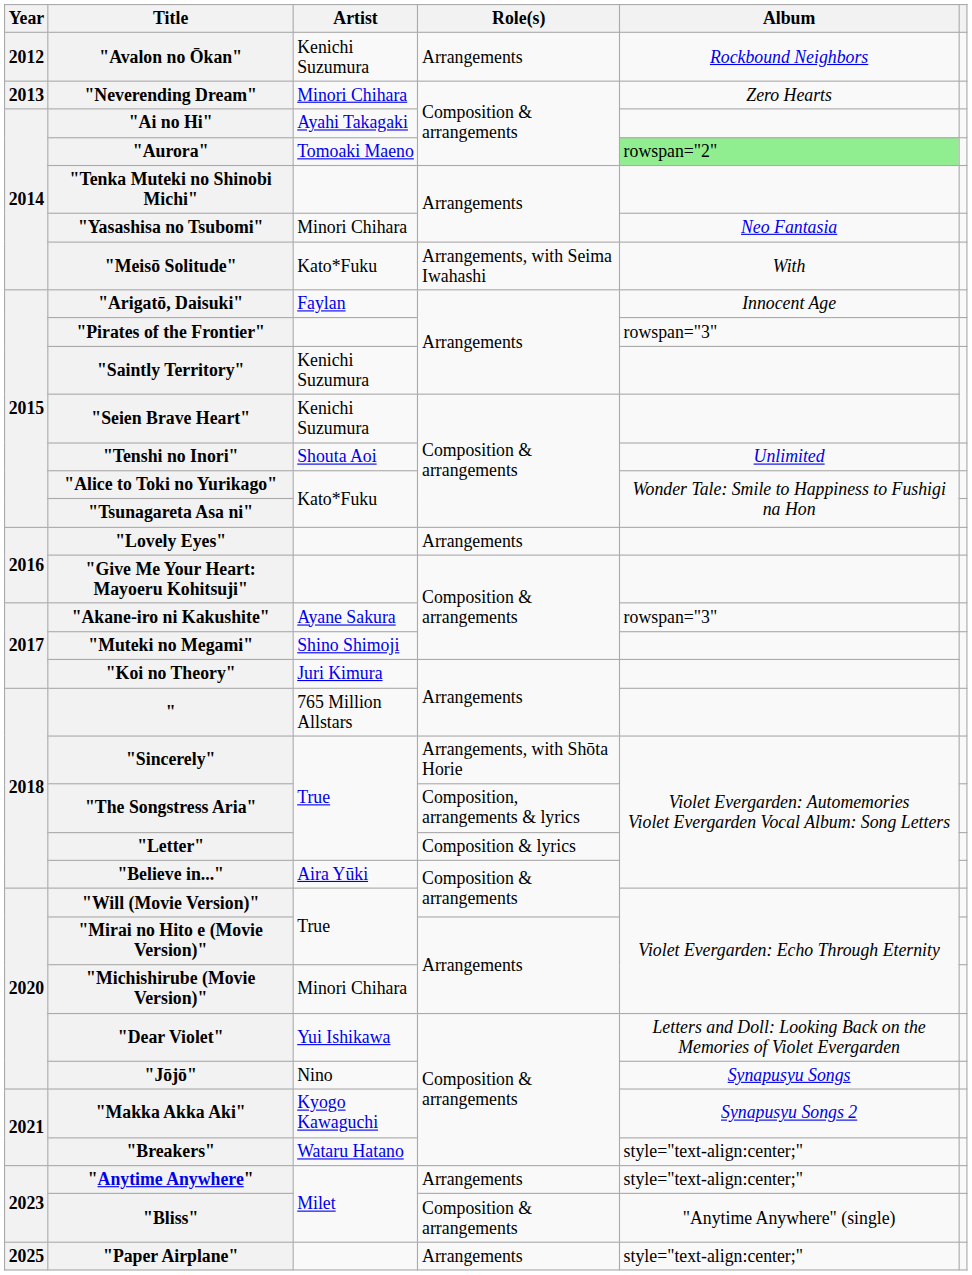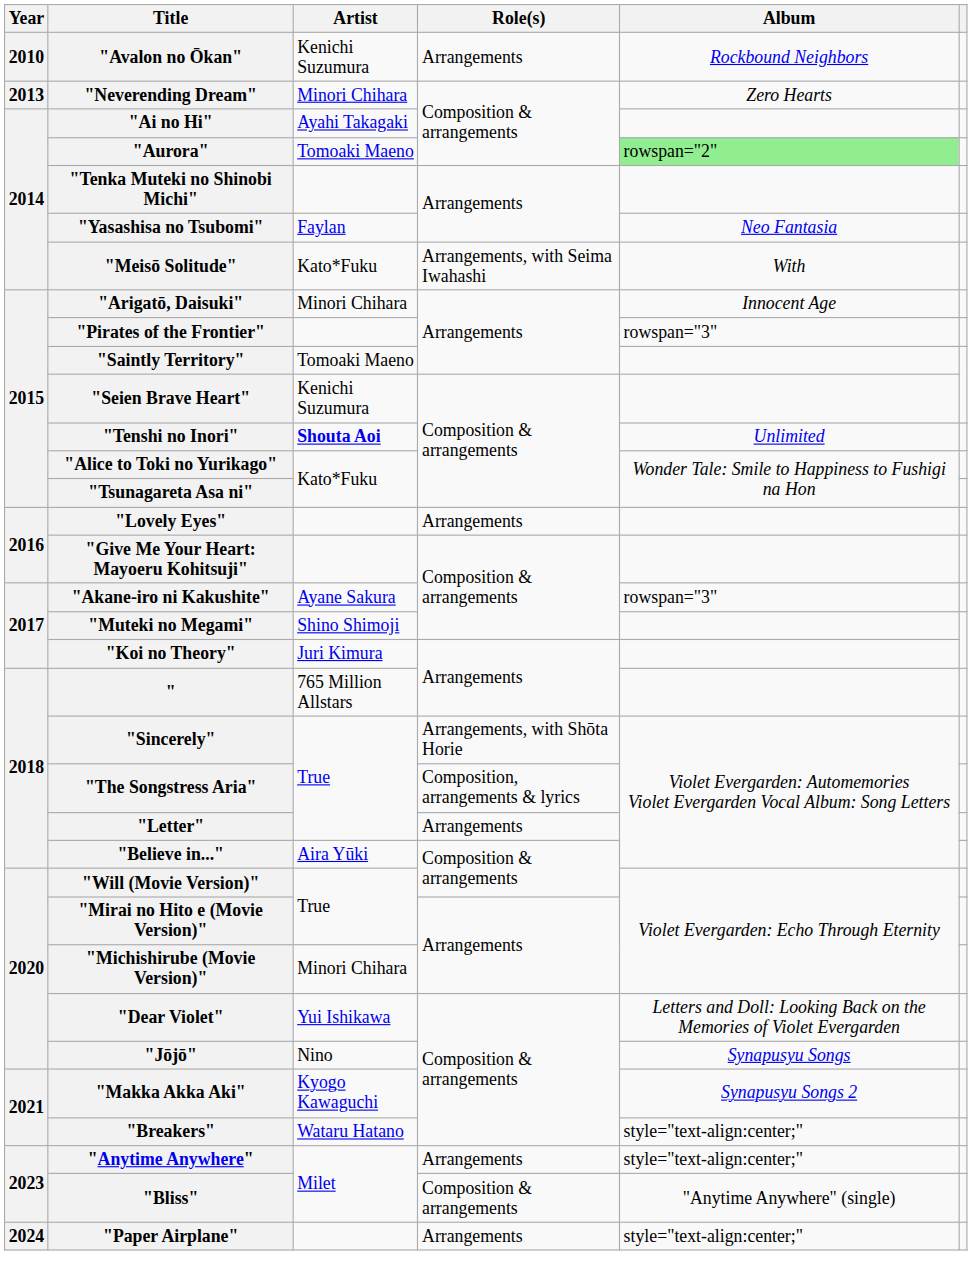 <table class="wikitable plainrowheaders sortable">
 <tr>
 <th>Year</th>
 <th scope="col">Title</th>
 <th scope="col">Artist</th>
 <th scope="col">Role(s)</th>
 <th scope="col">Album</th>
 <th scope="col" class="unsortable"></th>
 </tr>
 <tr>
-<th>2012</th>
+<th>2010</th>
 <th scope="row">"Avalon no Ōkan"</th>
 <td>Kenichi Suzumura</td>
 <td>Arrangements</td>
 <td style="text-align:center;"><em><a href='#'>Rockbound Neighbors</a></em></td>
 <td style="text-align:center;"></td>
 </tr>
 <tr>
 <th>2013</th>
 <th scope="row">"Neverending Dream"</th>
 <td><a href='#'>Minori Chihara</a></td>
 <td rowspan="3">Composition & arrangements</td>
 <td style="text-align:center;"><em>Zero Hearts</em></td>
 <td style="text-align:center;"></td>
 </tr>
 <tr>
 <th rowspan="5">2014</th>
 <th scope="row">"Ai no Hi"</th>
 <td><a href='#'>Ayahi Takagaki</a></td>
 <td></td>
 <td style="text-align:center;"></td>
 </tr>
 <tr>
 <th scope="row">"Aurora"</th>
 <td><a href='#'>Tomoaki Maeno</a></td>
 <td style="background: lightgreen;">rowspan="2"  </td>
 <td style="text-align:center;"></td>
 </tr>
 <tr>
 <th scope="row">"Tenka Muteki no Shinobi Michi"</th>
 <td></td>
 <td rowspan="2">Arrangements</td>
 <td style="text-align:center;"></td>
 </tr>
 <tr>
 <th scope="row">"Yasashisa no Tsubomi"</th>
-<td>Minori Chihara</td>
+<td><a href='#'>Faylan</a></td>
 <td style="text-align:center;"><em><a href='#'>Neo Fantasia</a></em></td>
 <td style="text-align:center;"></td>
 </tr>
 <tr>
 <th scope="row">"Meisō Solitude"</th>
 <td>Kato*Fuku</td>
 <td>Arrangements, with Seima Iwahashi</td>
 <td style="text-align:center;"><em>With</em></td>
 <td style="text-align:center;"></td>
 </tr>
 <tr>
 <th rowspan="7">2015</th>
 <th scope="row">"Arigatō, Daisuki"</th>
-<td><a href='#'>Faylan</a></td>
+<td>Minori Chihara</td>
 <td rowspan="3">Arrangements</td>
 <td style="text-align:center;"><em>Innocent Age</em></td>
 <td style="text-align:center;"></td>
 </tr>
 <tr>
 <th scope="row">"Pirates of the Frontier"</th>
 <td></td>
 <td>rowspan="3" </td>
 <td style="text-align:center;"></td>
 </tr>
 <tr>
 <th scope="row">"Saintly Territory"</th>
-<td>Kenichi Suzumura</td>
+<td>Tomoaki Maeno</td>
 <td style="text-align:center;"></td>
 </tr>
 <tr>
 <th scope="row">"Seien Brave Heart"</th>
 <td>Kenichi Suzumura</td>
 <td rowspan="4">Composition & arrangements</td>
 <td style="text-align:center;"></td>
 </tr>
 <tr>
 <th scope="row">"Tenshi no Inori"</th>
-<td><a href='#'>Shouta Aoi</a></td>
+<td><strong><a href='#'>Shouta Aoi</a></strong></td>
 <td style="text-align:center;"><em><a href='#'>Unlimited</a></em></td>
 <td style="text-align:center;"></td>
 </tr>
 <tr>
 <th scope="row">"Alice to Toki no Yurikago"</th>
 <td rowspan="2">Kato*Fuku</td>
 <td rowspan="2" style="text-align:center;"><em>Wonder Tale: Smile to Happiness to Fushigi na Hon</em></td>
 <td style="text-align:center;"></td>
 </tr>
 <tr>
 <th scope="row">"Tsunagareta Asa ni"</th>
 <td style="text-align:center;"></td>
 </tr>
 <tr>
 <th rowspan="2">2016</th>
 <th scope="row">"Lovely Eyes"</th>
 <td></td>
 <td>Arrangements</td>
 <td></td>
 <td style="text-align:center;"></td>
 </tr>
 <tr>
 <th scope="row">"Give Me Your Heart: Mayoeru Kohitsuji"</th>
 <td></td>
 <td rowspan="3">Composition & arrangements</td>
 <td></td>
 <td style="text-align:center;"></td>
 </tr>
 <tr>
 <th rowspan="3">2017</th>
 <th scope="row">"Akane-iro ni Kakushite"</th>
 <td><a href='#'>Ayane Sakura</a></td>
 <td>rowspan="3" </td>
 <td style="text-align:center;"></td>
 </tr>
 <tr>
 <th scope="row">"Muteki no Megami"</th>
 <td><a href='#'>Shino Shimoji</a></td>
 <td style="text-align:center;"></td>
 </tr>
 <tr>
 <th scope="row">"Koi no Theory"</th>
 <td><a href='#'>Juri Kimura</a></td>
 <td rowspan="2">Arrangements</td>
 <td style="text-align:center;"></td>
 </tr>
 <tr>
 <th rowspan="5">2018</th>
 <th scope="row">"</th>
 <td>765 Million Allstars</td>
 <td></td>
 <td style="text-align:center;"></td>
 </tr>
 <tr>
 <th scope="row">"Sincerely"</th>
 <td rowspan="3"><a href='#'>True</a></td>
 <td>Arrangements, with Shōta Horie</td>
 <td rowspan="4" style="text-align:center;"><em>Violet Evergarden: Automemories</em><br><em>Violet Evergarden Vocal Album: Song Letters</em></td>
 <td style="text-align:center;"></td>
 </tr>
 <tr>
 <th scope="row">"The Songstress Aria"</th>
 <td>Composition, arrangements & lyrics</td>
 <td style="text-align:center;"></td>
 </tr>
 <tr>
 <th scope="row">"Letter"</th>
-<td>Composition & lyrics</td>
+<td>Arrangements</td>
 <td style="text-align:center;"></td>
 </tr>
 <tr>
 <th scope="row">"Believe in..."</th>
 <td><a href='#'>Aira Yūki</a></td>
 <td rowspan="2">Composition & arrangements</td>
 <td style="text-align:center;"></td>
 </tr>
 <tr>
 <th rowspan="5">2020</th>
 <th scope="row">"Will (Movie Version)"</th>
 <td rowspan="2">True</td>
 <td rowspan="3" style="text-align:center;"><em>Violet Evergarden: Echo Through Eternity</em></td>
 <td style="text-align:center;"></td>
 </tr>
 <tr>
 <th scope="row">"Mirai no Hito e (Movie Version)"</th>
 <td rowspan="2">Arrangements</td>
 <td style="text-align:center;"></td>
 </tr>
 <tr>
 <th scope="row">"Michishirube (Movie Version)"</th>
 <td>Minori Chihara</td>
 <td style="text-align:center;"></td>
 </tr>
 <tr>
 <th scope="row">"Dear Violet"</th>
 <td><a href='#'>Yui Ishikawa</a></td>
 <td rowspan="4">Composition & arrangements</td>
 <td style="text-align:center;"><em>Letters and Doll: Looking Back on the Memories of Violet Evergarden</em></td>
 <td style="text-align:center;"></td>
 </tr>
 <tr>
 <th scope="row">"Jōjō"</th>
 <td>Nino</td>
 <td style="text-align:center;"><em><a href='#'>Synapusyu Songs</a></em></td>
 <td style="text-align:center;"></td>
 </tr>
 <tr>
 <th rowspan="2">2021</th>
 <th scope="row">"Makka Akka Aki"</th>
 <td><a href='#'>Kyogo Kawaguchi</a></td>
 <td style="text-align:center;"><em><a href='#'>Synapusyu Songs 2</a></em></td>
 <td style="text-align:center;"></td>
 </tr>
 <tr>
 <th scope="row">"Breakers"</th>
 <td><a href='#'>Wataru Hatano</a></td>
 <td>style="text-align:center;" </td>
 <td style="text-align:center;"></td>
 </tr>
 <tr>
 <th rowspan="2">2023</th>
 <th scope="row">"<a href='#'>Anytime Anywhere</a>"</th>
 <td rowspan="2"><a href='#'>Milet</a></td>
 <td>Arrangements</td>
 <td>style="text-align:center;" </td>
 <td style="text-align:center;"></td>
 </tr>
 <tr>
 <th scope="row">"Bliss"</th>
 <td>Composition & arrangements</td>
 <td style="text-align:center;">"Anytime Anywhere" (single)</td>
 <td style="text-align:center;"></td>
 </tr>
 <tr>
-<th>2025</th>
+<th>2024</th>
 <th scope="row">"Paper Airplane"</th>
 <td></td>
 <td>Arrangements</td>
 <td>style="text-align:center;" </td>
 <td style="text-align:center;"></td>
 </tr>
 </table>
